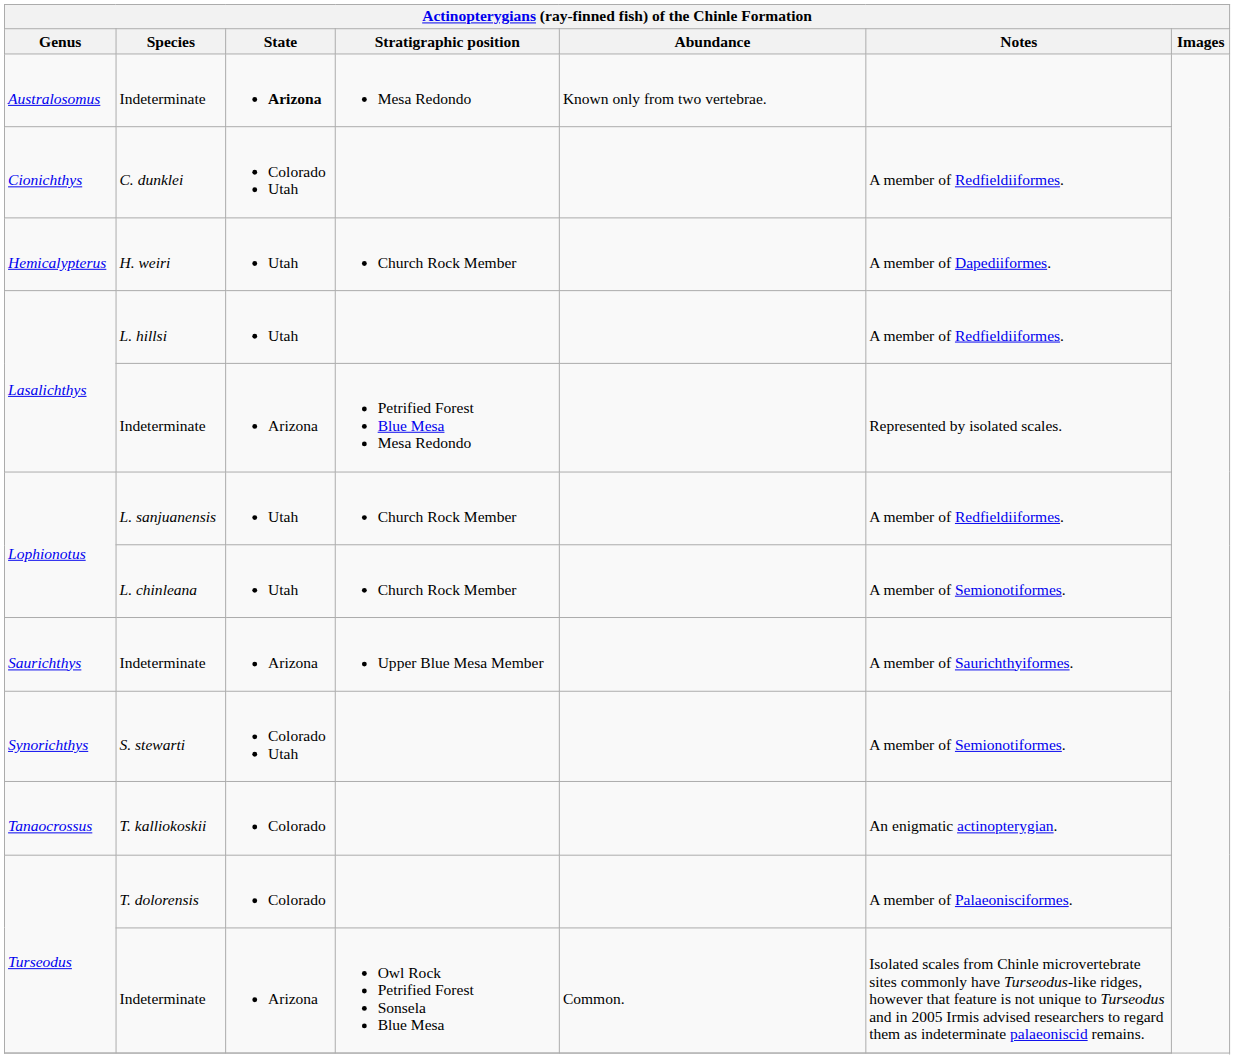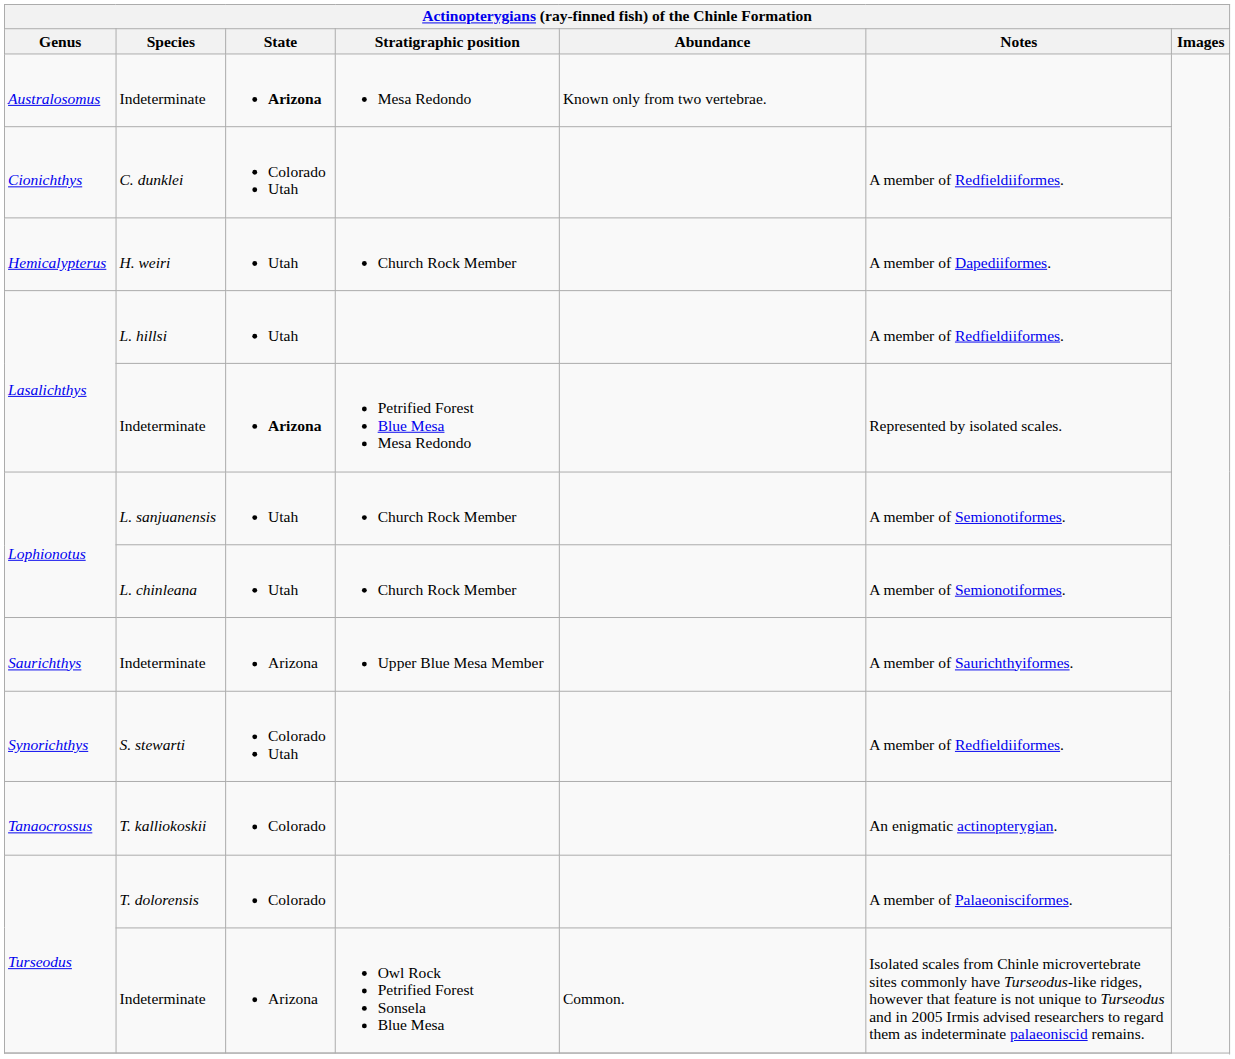 <table class="wikitable" align="center" width="100%">
 <tr>
 <th colspan="7" align="center"><strong><a href='#'>Actinopterygians</a> (ray-finned fish) of the Chinle Formation</strong></th>
 </tr>
 <tr>
 <th>Genus</th>
 <th>Species</th>
 <th>State</th>
 <th>Stratigraphic position</th>
 <th width="25%">Abundance</th>
 <th width="25%">Notes</th>
 <th>Images</th>
 </tr>
 <tr>
 <td><br><em><a href='#'>Australosomus</a></em></td>
 <td><br>Indeterminate</td>
 <td><strong><br><ul><li>Arizona</li></ul></strong></td>
 <td><br><ul><li>Mesa Redondo</li></ul></td>
 <td><br>Known only from two vertebrae.</td>
 <td></td>
 <td rowspan="99"><br> </td>
 </tr>
 <tr>
 <td><br><em><a href='#'>Cionichthys</a></em></td>
 <td><br><em>C. dunklei</em></td>
 <td><br><ul><li>Colorado</li><li>Utah</li></ul></td>
 <td></td>
 <td></td>
 <td><br>A member of <a href='#'>Redfieldiiformes</a>.</td>
 </tr>
 <tr>
 <td><br><em><a href='#'>Hemicalypterus</a></em></td>
 <td><br><em>H. weiri</em></td>
 <td><br><ul><li>Utah</li></ul></td>
 <td><br><ul><li>Church Rock Member</li></ul></td>
 <td></td>
 <td><br>A member of <a href='#'>Dapediiformes</a>.</td>
 </tr>
 <tr>
 <td rowspan="2"><br><em><a href='#'>Lasalichthys</a></em></td>
 <td><br><em>L. hillsi</em></td>
 <td><br><ul><li>Utah</li></ul></td>
 <td></td>
 <td></td>
 <td><br>A member of <a href='#'>Redfieldiiformes</a>.</td>
 </tr>
 <tr>
 <td><br>Indeterminate</td>
-<td><br><ul><li>Arizona</li></ul></td>
+<td><strong><br><ul><li>Arizona</li></ul></strong></td>
 <td><br><ul><li>Petrified Forest</li><li><a href='#'>Blue Mesa</a></li><li>Mesa Redondo</li></ul></td>
 <td></td>
 <td><br>Represented by isolated scales.</td>
 </tr>
 <tr>
 <td rowspan="2"><br><em><a href='#'>Lophionotus</a></em></td>
 <td><br><em>L. sanjuanensis</em></td>
 <td><br><ul><li>Utah</li></ul></td>
 <td><br><ul><li>Church Rock Member</li></ul></td>
 <td></td>
-<td><br>A member of <a href='#'>Redfieldiiformes</a>.</td>
+<td><br>A member of <a href='#'>Semionotiformes</a>.</td>
 </tr>
 <tr>
 <td><br><em>L. chinleana</em></td>
 <td><br><ul><li>Utah</li></ul></td>
 <td><br><ul><li>Church Rock Member</li></ul></td>
 <td></td>
 <td><br>A member of <a href='#'>Semionotiformes</a>.</td>
 </tr>
 <tr>
 <td><br><em><a href='#'>Saurichthys</a></em></td>
 <td><br>Indeterminate</td>
 <td><br><ul><li>Arizona</li></ul></td>
 <td><br><ul><li>Upper Blue Mesa Member</li></ul></td>
 <td></td>
 <td><br>A member of <a href='#'>Saurichthyiformes</a>.</td>
 </tr>
 <tr>
 <td><br><em><a href='#'>Synorichthys</a></em></td>
 <td><br><em>S. stewarti</em></td>
 <td><br><ul><li>Colorado</li><li>Utah</li></ul></td>
 <td></td>
 <td></td>
-<td><br>A member of <a href='#'>Semionotiformes</a>.</td>
+<td><br>A member of <a href='#'>Redfieldiiformes</a>.</td>
 </tr>
 <tr>
 <td><br><em><a href='#'>Tanaocrossus</a></em></td>
 <td><br><em>T. kalliokoskii</em></td>
 <td><br><ul><li>Colorado</li></ul></td>
 <td></td>
 <td></td>
 <td><br>An enigmatic <a href='#'>actinopterygian</a>.</td>
 </tr>
 <tr>
 <td rowspan="2"><br><em><a href='#'>Turseodus</a></em></td>
 <td><br><em>T. dolorensis</em></td>
 <td><br><ul><li>Colorado</li></ul></td>
 <td></td>
 <td></td>
 <td><br>A member of <a href='#'>Palaeonisciformes</a>.</td>
 </tr>
 <tr>
 <td><br>Indeterminate</td>
 <td><br><ul><li>Arizona</li></ul></td>
 <td><br><ul><li>Owl Rock</li><li>Petrified Forest</li><li>Sonsela</li><li>Blue Mesa</li></ul></td>
 <td><br>Common.</td>
 <td><br>Isolated scales from Chinle microvertebrate sites commonly have <em>Turseodus</em>-like ridges, however that feature is not unique to <em>Turseodus</em> and in 2005 Irmis advised researchers to regard them as indeterminate <a href='#'>palaeoniscid</a> remains.</td>
 </tr>
 <tr>
 </tr>
 </table>
